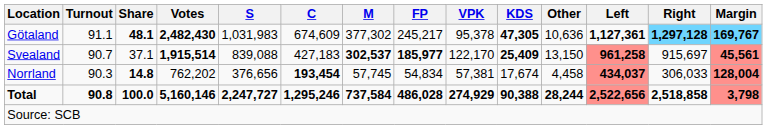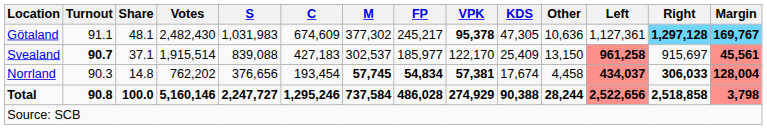 <table class="wikitable sortable" style=text-align:right>
 <tr>
 <th>Location</th>
 <th>Turnout</th>
 <th>Share</th>
 <th>Votes</th>
 <th><a href='#'>S</a></th>
 <th><a href='#'>C</a></th>
 <th><a href='#'>M</a></th>
 <th><a href='#'>FP</a></th>
 <th><a href='#'>VPK</a></th>
 <th><a href='#'>KDS</a></th>
 <th>Other</th>
 <th>Left</th>
 <th>Right</th>
 <th>Margin</th>
 </tr>
 <tr>
 <td align=left><a href='#'>Götaland</a></td>
 <td>91.1</td>
-<td><strong>48.1</strong></td>
-<td><strong>2,482,430</strong></td>
+<td>48.1</td>
+<td>2,482,430</td>
 <td>1,031,983</td>
 <td>674,609</td>
 <td>377,302</td>
 <td>245,217</td>
-<td>95,378</td>
-<td><strong>47,305</strong></td>
+<td><strong>95,378</strong></td>
+<td>47,305</td>
 <td>10,636</td>
-<td><strong>1,127,361</strong></td>
+<td>1,127,361</td>
 <td bgcolor=#6fd5fe><strong>1,297,128</strong></td>
 <td bgcolor=#6fd5fe><strong>169,767</strong></td>
 </tr>
 <tr>
 <td align=left><a href='#'>Svealand</a></td>
-<td>90.7</td>
+<td><strong>90.7</strong></td>
 <td>37.1</td>
-<td><strong>1,915,514</strong></td>
+<td>1,915,514</td>
 <td>839,088</td>
 <td>427,183</td>
-<td><strong>302,537</strong></td>
-<td><strong>185,977</strong></td>
+<td>302,537</td>
+<td>185,977</td>
 <td>122,170</td>
-<td><strong>25,409</strong></td>
+<td>25,409</td>
 <td>13,150</td>
 <td bgcolor=#ff908c><strong>961,258</strong></td>
 <td>915,697</td>
 <td bgcolor=#ff908c><strong>45,561</strong></td>
 </tr>
 <tr>
 <td align=left><a href='#'>Norrland</a></td>
 <td>90.3</td>
-<td><strong>14.8</strong></td>
+<td>14.8</td>
 <td>762,202</td>
 <td>376,656</td>
-<td><strong>193,454</strong></td>
-<td>57,745</td>
-<td>54,834</td>
-<td>57,381</td>
+<td>193,454</td>
+<td><strong>57,745</strong></td>
+<td><strong>54,834</strong></td>
+<td><strong>57,381</strong></td>
 <td>17,674</td>
 <td>4,458</td>
 <td bgcolor=#ff908c><strong>434,037</strong></td>
-<td>306,033</td>
+<td><strong>306,033</strong></td>
 <td bgcolor=#ff908c><strong>128,004</strong></td>
 </tr>
 <tr>
 <td align=left><strong>Total</strong></td>
 <td><strong>90.8</strong></td>
 <td><strong>100.0</strong></td>
 <td><strong>5,160,146</strong></td>
 <td><strong>2,247,727</strong></td>
 <td><strong>1,295,246</strong></td>
 <td><strong>737,584</strong></td>
 <td><strong>486,028</strong></td>
 <td><strong>274,929</strong></td>
 <td><strong>90,388</strong></td>
 <td><strong>28,244</strong></td>
 <td bgcolor=#ff908c><strong>2,522,656</strong></td>
 <td><strong>2,518,858</strong></td>
 <td bgcolor=#ff908c><strong>3,798</strong></td>
 </tr>
 <tr>
 <td align=left colspan=14>Source: SCB </td>
 </tr>
 </table>
